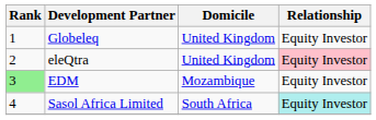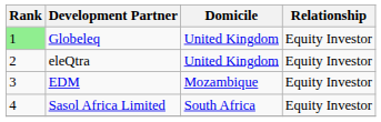 <table class="wikitable sortable" style="margin: 0.5em auto">
 <tr>
 <th>Rank</th>
 <th>Development Partner</th>
 <th>Domicile</th>
 <th>Relationship</th>
 </tr>
 <tr>
-<td>1</td>
+<td style="background: lightgreen;">1</td>
 <td><a href='#'>Globeleq</a></td>
 <td><a href='#'>United Kingdom</a></td>
 <td>Equity Investor</td>
 </tr>
 <tr>
 <td>2</td>
 <td>eleQtra</td>
 <td><a href='#'>United Kingdom</a></td>
-<td style="background: pink;">Equity Investor</td>
+<td>Equity Investor</td>
 </tr>
 <tr>
-<td style="background: lightgreen;">3</td>
+<td>3</td>
 <td><a href='#'>EDM</a></td>
 <td><a href='#'>Mozambique</a></td>
 <td>Equity Investor</td>
 </tr>
 <tr>
 <td>4</td>
 <td><a href='#'>Sasol Africa Limited</a></td>
 <td><a href='#'>South Africa</a></td>
-<td style="background: paleturquoise;">Equity Investor</td>
+<td>Equity Investor</td>
 </tr>
 <tr>
 </tr>
 </table>
